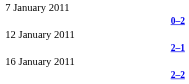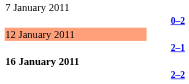 <table style="width:70%;" cellspacing="1">
 <tr>
 <th width=35%></th>
 <th width=15%></th>
 <th></th>
 </tr>
 <tr>
 <td>7 January 2011</td>
 </tr>
 <tr style=font-size:90%>
 <td align=right><strong></strong></td>
 <td align=center><strong><a href='#'>0–2</a></strong></td>
 <td><strong></strong></td>
 </tr>
 <tr>
-<td>12 January 2011</td>
+<td style="background: lightsalmon;">12 January 2011</td>
 </tr>
 <tr style=font-size:90%>
 <td align=right><strong></strong></td>
 <td align=center><strong><a href='#'>2–1</a></strong></td>
 <td><strong></strong></td>
 </tr>
 <tr>
-<td>16 January 2011</td>
+<td><strong>16 January 2011</strong></td>
 </tr>
 <tr style=font-size:90%>
 <td align=right><strong></strong></td>
 <td align=center><strong><a href='#'>2–2</a></strong></td>
 <td><strong></strong></td>
 </tr>
 </table>
